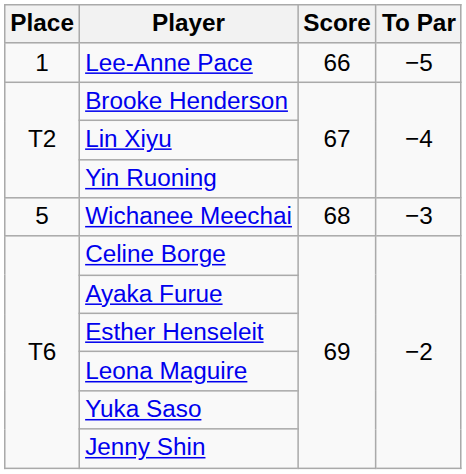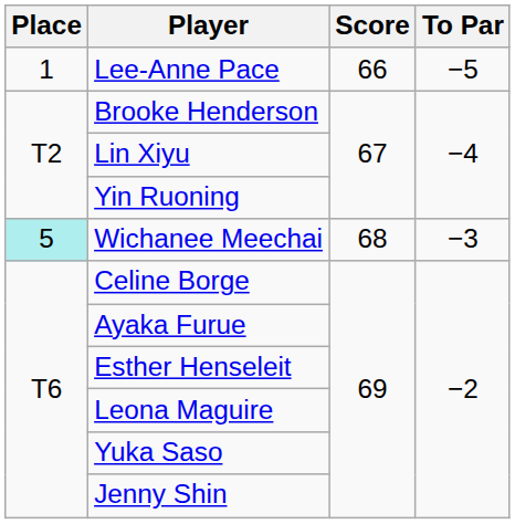 <table class="wikitable">
 <tr>
 <th>Place</th>
 <th>Player</th>
 <th>Score</th>
 <th>To Par</th>
 </tr>
 <tr>
 <td align=center>1</td>
 <td> <a href='#'>Lee-Anne Pace</a></td>
 <td align=center>66</td>
 <td align=center>−5</td>
 </tr>
 <tr>
 <td align=center rowspan=3>T2</td>
 <td> <a href='#'>Brooke Henderson</a></td>
 <td align=center rowspan=3>67</td>
 <td align=center rowspan=3>−4</td>
 </tr>
 <tr>
 <td> <a href='#'>Lin Xiyu</a></td>
 </tr>
 <tr>
 <td> <a href='#'>Yin Ruoning</a></td>
 </tr>
 <tr>
-<td align=center>5</td>
+<td align=center style="background: paleturquoise;">5</td>
 <td> <a href='#'>Wichanee Meechai</a></td>
 <td align=center>68</td>
 <td align=center>−3</td>
 </tr>
 <tr>
 <td align=center rowspan=6>T6</td>
 <td> <a href='#'>Celine Borge</a></td>
 <td align=center rowspan=6>69</td>
 <td align=center rowspan=6>−2</td>
 </tr>
 <tr>
 <td> <a href='#'>Ayaka Furue</a></td>
 </tr>
 <tr>
 <td> <a href='#'>Esther Henseleit</a></td>
 </tr>
 <tr>
 <td> <a href='#'>Leona Maguire</a></td>
 </tr>
 <tr>
 <td> <a href='#'>Yuka Saso</a></td>
 </tr>
 <tr>
 <td> <a href='#'>Jenny Shin</a></td>
 </tr>
 </table>
